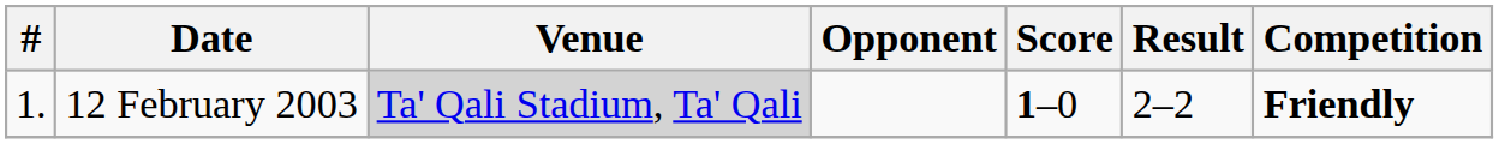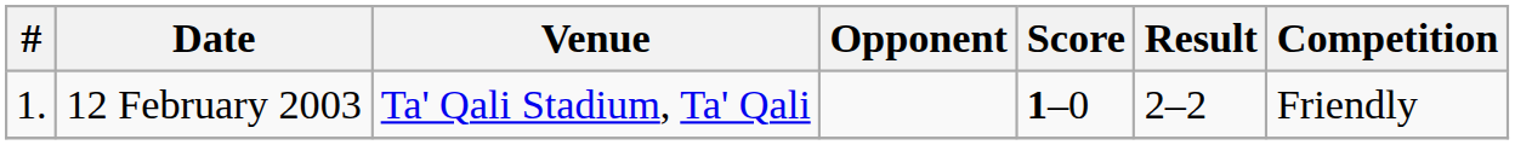 <table class="wikitable">
 <tr>
 <th>#</th>
 <th>Date</th>
 <th>Venue</th>
 <th>Opponent</th>
 <th>Score</th>
 <th>Result</th>
 <th>Competition</th>
 </tr>
 <tr>
 <td>1.</td>
 <td>12 February 2003</td>
-<td style="background: lightgrey;"><a href='#'>Ta' Qali Stadium</a>, <a href='#'>Ta' Qali</a></td>
+<td><a href='#'>Ta' Qali Stadium</a>, <a href='#'>Ta' Qali</a></td>
 <td></td>
 <td><strong>1</strong>–0</td>
 <td>2–2</td>
-<td><strong>Friendly</strong></td>
+<td>Friendly</td>
 </tr>
 <tr>
 </tr>
 </table>
